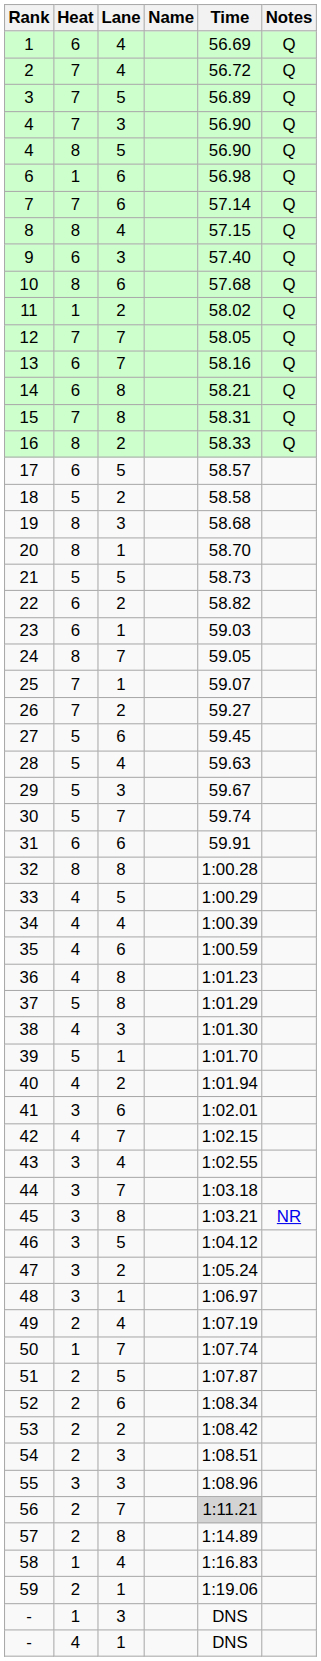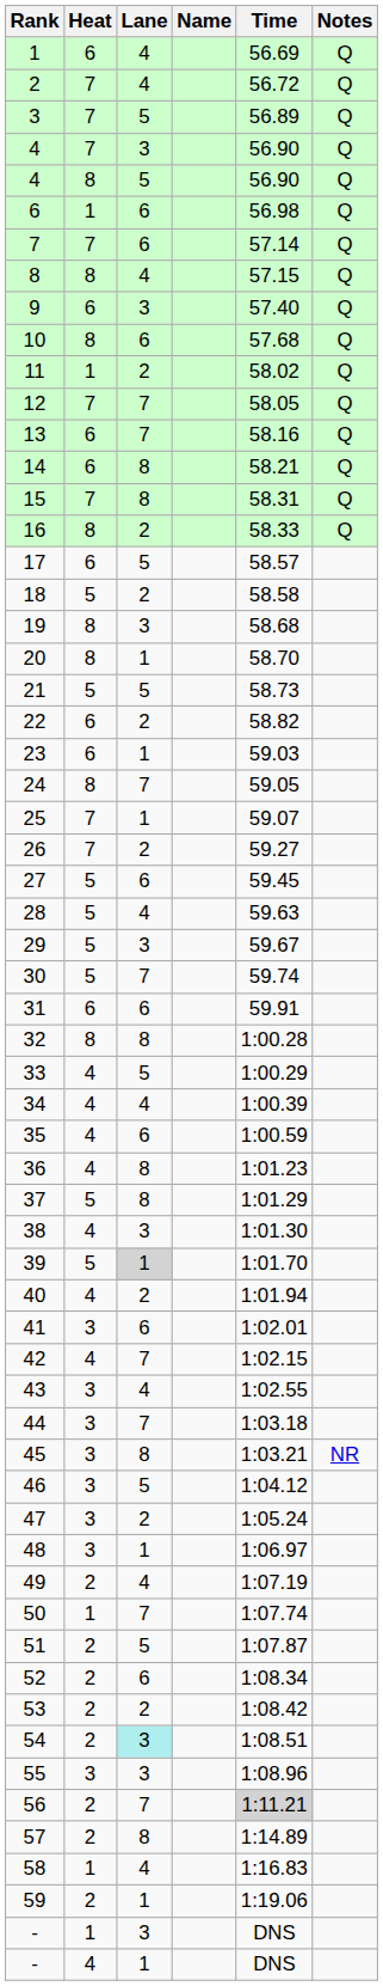 <table class="wikitable sortable" style="text-align:center">
 <tr>
 <th>Rank</th>
 <th>Heat</th>
 <th>Lane</th>
 <th>Name</th>
 <th>Time</th>
 <th>Notes</th>
 </tr>
 <tr bgcolor=ccffcc>
 <td>1</td>
 <td>6</td>
 <td>4</td>
 <td align=left></td>
 <td>56.69</td>
 <td>Q</td>
 </tr>
 <tr bgcolor=ccffcc>
 <td>2</td>
 <td>7</td>
 <td>4</td>
 <td align=left></td>
 <td>56.72</td>
 <td>Q</td>
 </tr>
 <tr bgcolor=ccffcc>
 <td>3</td>
 <td>7</td>
 <td>5</td>
 <td align=left></td>
 <td>56.89</td>
 <td>Q</td>
 </tr>
 <tr bgcolor=ccffcc>
 <td>4</td>
 <td>7</td>
 <td>3</td>
 <td align=left></td>
 <td>56.90</td>
 <td>Q</td>
 </tr>
 <tr bgcolor=ccffcc>
 <td>4</td>
 <td>8</td>
 <td>5</td>
 <td align=left></td>
 <td>56.90</td>
 <td>Q</td>
 </tr>
 <tr bgcolor=ccffcc>
 <td>6</td>
 <td>1</td>
 <td>6</td>
 <td align=left></td>
 <td>56.98</td>
 <td>Q</td>
 </tr>
 <tr bgcolor=ccffcc>
 <td>7</td>
 <td>7</td>
 <td>6</td>
 <td align=left></td>
 <td>57.14</td>
 <td>Q</td>
 </tr>
 <tr bgcolor=ccffcc>
 <td>8</td>
 <td>8</td>
 <td>4</td>
 <td align=left></td>
 <td>57.15</td>
 <td>Q</td>
 </tr>
 <tr bgcolor=ccffcc>
 <td>9</td>
 <td>6</td>
 <td>3</td>
 <td align=left></td>
 <td>57.40</td>
 <td>Q</td>
 </tr>
 <tr bgcolor=ccffcc>
 <td>10</td>
 <td>8</td>
 <td>6</td>
 <td align=left></td>
 <td>57.68</td>
 <td>Q</td>
 </tr>
 <tr bgcolor=ccffcc>
 <td>11</td>
 <td>1</td>
 <td>2</td>
 <td align=left></td>
 <td>58.02</td>
 <td>Q</td>
 </tr>
 <tr bgcolor=ccffcc>
 <td>12</td>
 <td>7</td>
 <td>7</td>
 <td align=left></td>
 <td>58.05</td>
 <td>Q</td>
 </tr>
 <tr bgcolor=ccffcc>
 <td>13</td>
 <td>6</td>
 <td>7</td>
 <td align=left></td>
 <td>58.16</td>
 <td>Q</td>
 </tr>
 <tr bgcolor=ccffcc>
 <td>14</td>
 <td>6</td>
 <td>8</td>
 <td align=left></td>
 <td>58.21</td>
 <td>Q</td>
 </tr>
 <tr bgcolor=ccffcc>
 <td>15</td>
 <td>7</td>
 <td>8</td>
 <td align=left></td>
 <td>58.31</td>
 <td>Q</td>
 </tr>
 <tr bgcolor=ccffcc>
 <td>16</td>
 <td>8</td>
 <td>2</td>
 <td align=left></td>
 <td>58.33</td>
 <td>Q</td>
 </tr>
 <tr>
 <td>17</td>
 <td>6</td>
 <td>5</td>
 <td align=left></td>
 <td>58.57</td>
 <td></td>
 </tr>
 <tr>
 <td>18</td>
 <td>5</td>
 <td>2</td>
 <td align=left></td>
 <td>58.58</td>
 <td></td>
 </tr>
 <tr>
 <td>19</td>
 <td>8</td>
 <td>3</td>
 <td align=left></td>
 <td>58.68</td>
 <td></td>
 </tr>
 <tr>
 <td>20</td>
 <td>8</td>
 <td>1</td>
 <td align=left></td>
 <td>58.70</td>
 <td></td>
 </tr>
 <tr>
 <td>21</td>
 <td>5</td>
 <td>5</td>
 <td align=left></td>
 <td>58.73</td>
 <td></td>
 </tr>
 <tr>
 <td>22</td>
 <td>6</td>
 <td>2</td>
 <td align=left></td>
 <td>58.82</td>
 <td></td>
 </tr>
 <tr>
 <td>23</td>
 <td>6</td>
 <td>1</td>
 <td align=left></td>
 <td>59.03</td>
 <td></td>
 </tr>
 <tr>
 <td>24</td>
 <td>8</td>
 <td>7</td>
 <td align=left></td>
 <td>59.05</td>
 <td></td>
 </tr>
 <tr>
 <td>25</td>
 <td>7</td>
 <td>1</td>
 <td align=left></td>
 <td>59.07</td>
 <td></td>
 </tr>
 <tr>
 <td>26</td>
 <td>7</td>
 <td>2</td>
 <td align=left></td>
 <td>59.27</td>
 <td></td>
 </tr>
 <tr>
 <td>27</td>
 <td>5</td>
 <td>6</td>
 <td align=left></td>
 <td>59.45</td>
 <td></td>
 </tr>
 <tr>
 <td>28</td>
 <td>5</td>
 <td>4</td>
 <td align=left></td>
 <td>59.63</td>
 <td></td>
 </tr>
 <tr>
 <td>29</td>
 <td>5</td>
 <td>3</td>
 <td align=left></td>
 <td>59.67</td>
 <td></td>
 </tr>
 <tr>
 <td>30</td>
 <td>5</td>
 <td>7</td>
 <td align=left></td>
 <td>59.74</td>
 <td></td>
 </tr>
 <tr>
 <td>31</td>
 <td>6</td>
 <td>6</td>
 <td align=left></td>
 <td>59.91</td>
 <td></td>
 </tr>
 <tr>
 <td>32</td>
 <td>8</td>
 <td>8</td>
 <td align=left></td>
 <td>1:00.28</td>
 <td></td>
 </tr>
 <tr>
 <td>33</td>
 <td>4</td>
 <td>5</td>
 <td align=left></td>
 <td>1:00.29</td>
 <td></td>
 </tr>
 <tr>
 <td>34</td>
 <td>4</td>
 <td>4</td>
 <td align=left></td>
 <td>1:00.39</td>
 <td></td>
 </tr>
 <tr>
 <td>35</td>
 <td>4</td>
 <td>6</td>
 <td align=left></td>
 <td>1:00.59</td>
 <td></td>
 </tr>
 <tr>
 <td>36</td>
 <td>4</td>
 <td>8</td>
 <td align=left></td>
 <td>1:01.23</td>
 <td></td>
 </tr>
 <tr>
 <td>37</td>
 <td>5</td>
 <td>8</td>
 <td align=left></td>
 <td>1:01.29</td>
 <td></td>
 </tr>
 <tr>
 <td>38</td>
 <td>4</td>
 <td>3</td>
 <td align=left></td>
 <td>1:01.30</td>
 <td></td>
 </tr>
 <tr>
 <td>39</td>
 <td>5</td>
-<td>1</td>
+<td style="background: lightgrey;">1</td>
 <td align=left></td>
 <td>1:01.70</td>
 <td></td>
 </tr>
 <tr>
 <td>40</td>
 <td>4</td>
 <td>2</td>
 <td align=left></td>
 <td>1:01.94</td>
 <td></td>
 </tr>
 <tr>
 <td>41</td>
 <td>3</td>
 <td>6</td>
 <td align=left></td>
 <td>1:02.01</td>
 <td></td>
 </tr>
 <tr>
 <td>42</td>
 <td>4</td>
 <td>7</td>
 <td align=left></td>
 <td>1:02.15</td>
 <td></td>
 </tr>
 <tr>
 <td>43</td>
 <td>3</td>
 <td>4</td>
 <td align=left></td>
 <td>1:02.55</td>
 <td></td>
 </tr>
 <tr>
 <td>44</td>
 <td>3</td>
 <td>7</td>
 <td align=left></td>
 <td>1:03.18</td>
 <td></td>
 </tr>
 <tr>
 <td>45</td>
 <td>3</td>
 <td>8</td>
 <td align=left></td>
 <td>1:03.21</td>
 <td><a href='#'>NR</a></td>
 </tr>
 <tr>
 <td>46</td>
 <td>3</td>
 <td>5</td>
 <td align=left></td>
 <td>1:04.12</td>
 <td></td>
 </tr>
 <tr>
 <td>47</td>
 <td>3</td>
 <td>2</td>
 <td align=left></td>
 <td>1:05.24</td>
 <td></td>
 </tr>
 <tr>
 <td>48</td>
 <td>3</td>
 <td>1</td>
 <td align=left></td>
 <td>1:06.97</td>
 <td></td>
 </tr>
 <tr>
 <td>49</td>
 <td>2</td>
 <td>4</td>
 <td align=left></td>
 <td>1:07.19</td>
 <td></td>
 </tr>
 <tr>
 <td>50</td>
 <td>1</td>
 <td>7</td>
 <td align=left></td>
 <td>1:07.74</td>
 <td></td>
 </tr>
 <tr>
 <td>51</td>
 <td>2</td>
 <td>5</td>
 <td align=left></td>
 <td>1:07.87</td>
 <td></td>
 </tr>
 <tr>
 <td>52</td>
 <td>2</td>
 <td>6</td>
 <td align=left></td>
 <td>1:08.34</td>
 <td></td>
 </tr>
 <tr>
 <td>53</td>
 <td>2</td>
 <td>2</td>
 <td align=left></td>
 <td>1:08.42</td>
 <td></td>
 </tr>
 <tr>
 <td>54</td>
 <td>2</td>
-<td>3</td>
+<td style="background: paleturquoise;">3</td>
 <td align=left></td>
 <td>1:08.51</td>
 <td></td>
 </tr>
 <tr>
 <td>55</td>
 <td>3</td>
 <td>3</td>
 <td align=left></td>
 <td>1:08.96</td>
 <td></td>
 </tr>
 <tr>
 <td>56</td>
 <td>2</td>
 <td>7</td>
 <td align=left></td>
 <td style="background: lightgrey;">1:11.21</td>
 <td></td>
 </tr>
 <tr>
 <td>57</td>
 <td>2</td>
 <td>8</td>
 <td align=left></td>
 <td>1:14.89</td>
 <td></td>
 </tr>
 <tr>
 <td>58</td>
 <td>1</td>
 <td>4</td>
 <td align=left></td>
 <td>1:16.83</td>
 <td></td>
 </tr>
 <tr>
 <td>59</td>
 <td>2</td>
 <td>1</td>
 <td align=left></td>
 <td>1:19.06</td>
 <td></td>
 </tr>
 <tr>
 <td>-</td>
 <td>1</td>
 <td>3</td>
 <td align=left></td>
 <td>DNS</td>
 <td></td>
 </tr>
 <tr>
 <td>-</td>
 <td>4</td>
 <td>1</td>
 <td align=left></td>
 <td>DNS</td>
 <td></td>
 </tr>
 </table>
